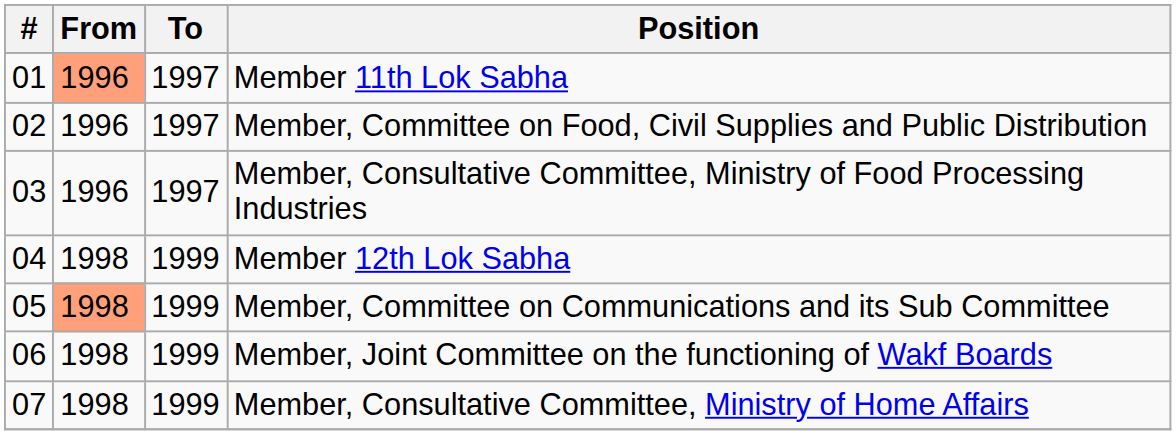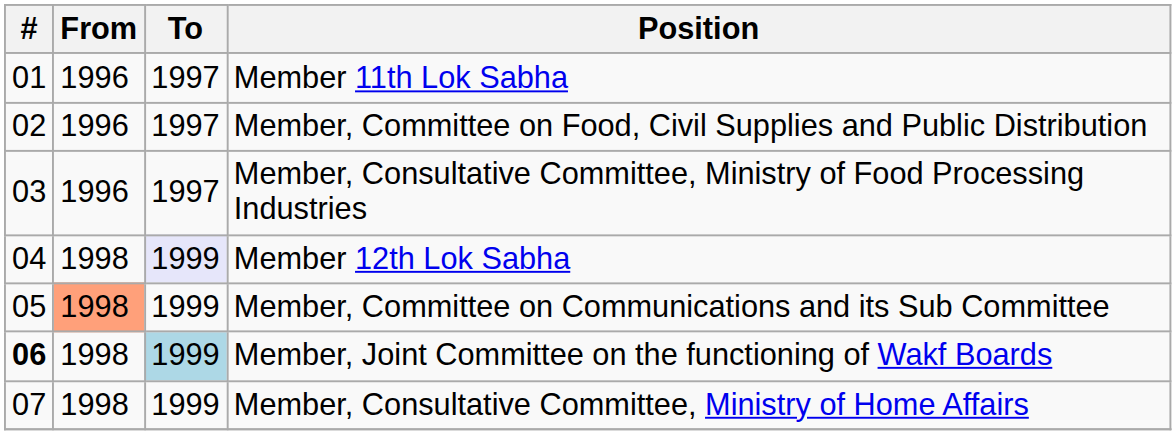 <table class="wikitable sortable">
 <tr>
 <th>#</th>
 <th>From</th>
 <th>To</th>
 <th>Position</th>
 </tr>
 <tr>
 <td>01</td>
-<td style="background: lightsalmon;">1996</td>
+<td>1996</td>
 <td>1997</td>
 <td>Member <a href='#'>11th Lok Sabha</a></td>
 </tr>
 <tr>
 <td>02</td>
 <td>1996</td>
 <td>1997</td>
 <td>Member, Committee on Food, Civil Supplies and Public Distribution</td>
 </tr>
 <tr>
 <td>03</td>
 <td>1996</td>
 <td>1997</td>
 <td>Member, Consultative Committee, Ministry of Food Processing Industries</td>
 </tr>
 <tr>
 <td>04</td>
 <td>1998</td>
-<td>1999</td>
+<td style="background: lavender;">1999</td>
 <td>Member <a href='#'>12th Lok Sabha</a></td>
 </tr>
 <tr>
 <td>05</td>
 <td style="background: lightsalmon;">1998</td>
 <td>1999</td>
 <td>Member, Committee on Communications and its Sub Committee</td>
 </tr>
 <tr>
-<td>06</td>
+<td><strong>06</strong></td>
 <td>1998</td>
-<td>1999</td>
+<td style="background: lightblue;">1999</td>
 <td>Member, Joint Committee on the functioning of <a href='#'>Wakf Boards</a></td>
 </tr>
 <tr>
 <td>07</td>
 <td>1998</td>
 <td>1999</td>
 <td>Member, Consultative Committee, <a href='#'>Ministry of Home Affairs</a></td>
 </tr>
 <tr>
 </tr>
 </table>
